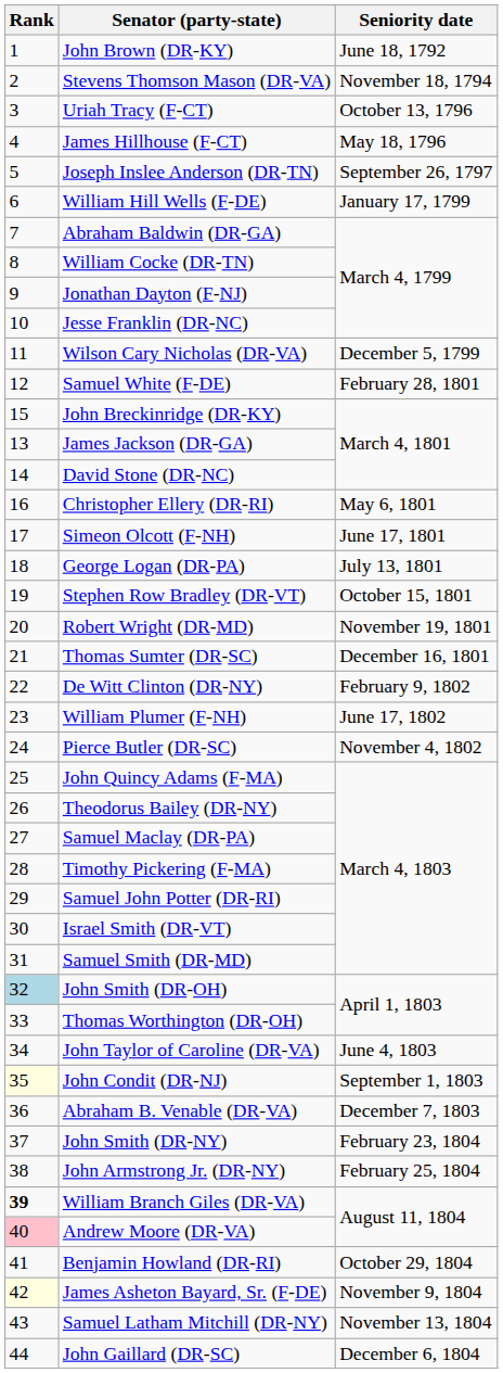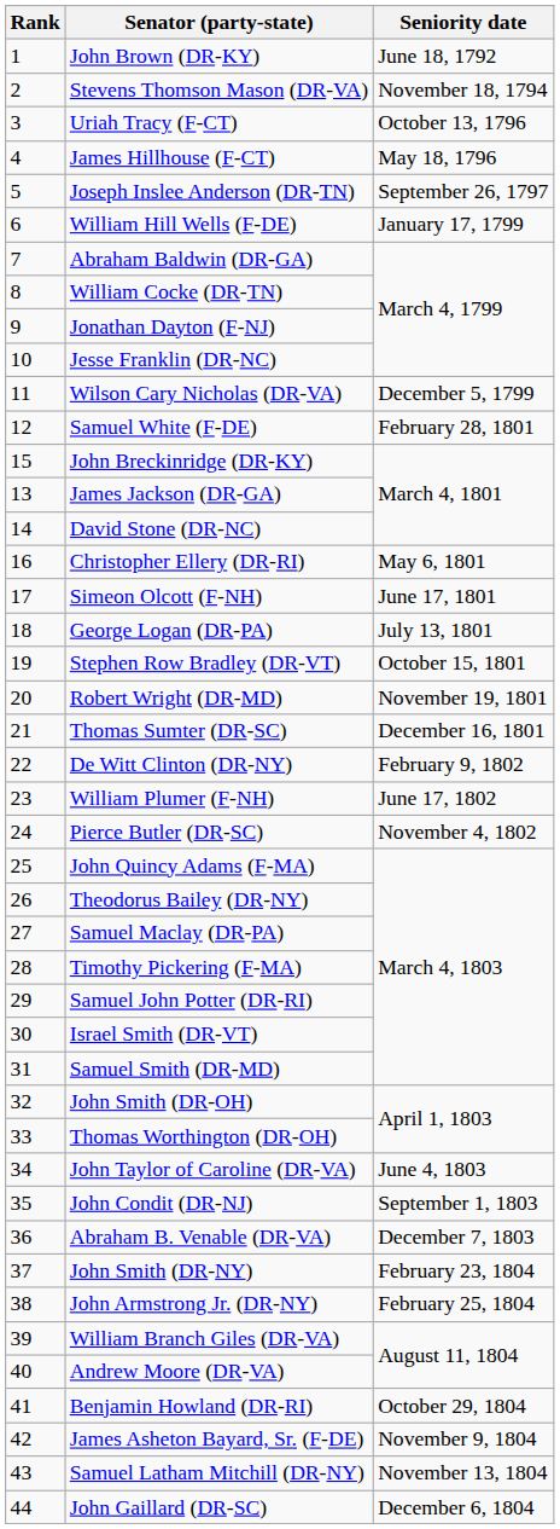 <table class=wikitable>
 <tr valign=bottom>
 <th>Rank</th>
 <th>Senator (party-state)</th>
 <th>Seniority date</th>
 </tr>
 <tr>
 <td>1</td>
 <td><a href='#'>John Brown</a> (<a href='#'>DR</a>-<a href='#'>KY</a>)</td>
 <td>June 18, 1792</td>
 </tr>
 <tr>
 <td>2</td>
 <td><a href='#'>Stevens Thomson Mason</a> (<a href='#'>DR</a>-<a href='#'>VA</a>)</td>
 <td>November 18, 1794</td>
 </tr>
 <tr>
 <td>3</td>
 <td><a href='#'>Uriah Tracy</a> (<a href='#'>F</a>-<a href='#'>CT</a>)</td>
 <td>October 13, 1796</td>
 </tr>
 <tr>
 <td>4</td>
 <td><a href='#'>James Hillhouse</a> (<a href='#'>F</a>-<a href='#'>CT</a>)</td>
 <td>May 18, 1796</td>
 </tr>
 <tr>
 <td>5</td>
 <td><a href='#'>Joseph Inslee Anderson</a> (<a href='#'>DR</a>-<a href='#'>TN</a>)</td>
 <td>September 26, 1797</td>
 </tr>
 <tr>
 <td>6</td>
 <td><a href='#'>William Hill Wells</a> (<a href='#'>F</a>-<a href='#'>DE</a>)</td>
 <td>January 17, 1799</td>
 </tr>
 <tr>
 <td>7</td>
 <td><a href='#'>Abraham Baldwin</a> (<a href='#'>DR</a>-<a href='#'>GA</a>)</td>
 <td rowspan=4>March 4, 1799</td>
 </tr>
 <tr>
 <td>8</td>
 <td><a href='#'>William Cocke</a> (<a href='#'>DR</a>-<a href='#'>TN</a>)</td>
 </tr>
 <tr>
 <td>9</td>
 <td><a href='#'>Jonathan Dayton</a> (<a href='#'>F</a>-<a href='#'>NJ</a>)</td>
 </tr>
 <tr>
 <td>10</td>
 <td><a href='#'>Jesse Franklin</a> (<a href='#'>DR</a>-<a href='#'>NC</a>)</td>
 </tr>
 <tr>
 <td>11</td>
 <td><a href='#'>Wilson Cary Nicholas</a> (<a href='#'>DR</a>-<a href='#'>VA</a>)</td>
 <td>December 5, 1799</td>
 </tr>
 <tr>
 <td>12</td>
 <td><a href='#'>Samuel White</a> (<a href='#'>F</a>-<a href='#'>DE</a>)</td>
 <td>February 28, 1801</td>
 </tr>
 <tr>
 <td>15</td>
 <td><a href='#'>John Breckinridge</a> (<a href='#'>DR</a>-<a href='#'>KY</a>)</td>
 <td rowspan=3>March 4, 1801</td>
 </tr>
 <tr>
 <td>13</td>
 <td><a href='#'>James Jackson</a> (<a href='#'>DR</a>-<a href='#'>GA</a>)</td>
 </tr>
 <tr>
 <td>14</td>
 <td><a href='#'>David Stone</a> (<a href='#'>DR</a>-<a href='#'>NC</a>)</td>
 </tr>
 <tr>
 <td>16</td>
 <td><a href='#'>Christopher Ellery</a> (<a href='#'>DR</a>-<a href='#'>RI</a>)</td>
 <td>May 6, 1801</td>
 </tr>
 <tr>
 <td>17</td>
 <td><a href='#'>Simeon Olcott</a> (<a href='#'>F</a>-<a href='#'>NH</a>)</td>
 <td>June 17, 1801</td>
 </tr>
 <tr>
 <td>18</td>
 <td><a href='#'>George Logan</a> (<a href='#'>DR</a>-<a href='#'>PA</a>)</td>
 <td>July 13, 1801</td>
 </tr>
 <tr>
 <td>19</td>
 <td><a href='#'>Stephen Row Bradley</a> (<a href='#'>DR</a>-<a href='#'>VT</a>)</td>
 <td>October 15, 1801</td>
 </tr>
 <tr>
 <td>20</td>
 <td><a href='#'>Robert Wright</a> (<a href='#'>DR</a>-<a href='#'>MD</a>)</td>
 <td>November 19, 1801</td>
 </tr>
 <tr>
 <td>21</td>
 <td><a href='#'>Thomas Sumter</a> (<a href='#'>DR</a>-<a href='#'>SC</a>)</td>
 <td>December 16, 1801</td>
 </tr>
 <tr>
 <td>22</td>
 <td><a href='#'>De Witt Clinton</a> (<a href='#'>DR</a>-<a href='#'>NY</a>)</td>
 <td>February 9, 1802</td>
 </tr>
 <tr>
 <td>23</td>
 <td><a href='#'>William Plumer</a> (<a href='#'>F</a>-<a href='#'>NH</a>)</td>
 <td>June 17, 1802</td>
 </tr>
 <tr>
 <td>24</td>
 <td><a href='#'>Pierce Butler</a> (<a href='#'>DR</a>-<a href='#'>SC</a>)</td>
 <td>November 4, 1802</td>
 </tr>
 <tr>
 <td>25</td>
 <td><a href='#'>John Quincy Adams</a> (<a href='#'>F</a>-<a href='#'>MA</a>)</td>
 <td rowspan=7>March 4, 1803</td>
 </tr>
 <tr>
 <td>26</td>
 <td><a href='#'>Theodorus Bailey</a> (<a href='#'>DR</a>-<a href='#'>NY</a>)</td>
 </tr>
 <tr>
 <td>27</td>
 <td><a href='#'>Samuel Maclay</a> (<a href='#'>DR</a>-<a href='#'>PA</a>)</td>
 </tr>
 <tr>
 <td>28</td>
 <td><a href='#'>Timothy Pickering</a> (<a href='#'>F</a>-<a href='#'>MA</a>)</td>
 </tr>
 <tr>
 <td>29</td>
 <td><a href='#'>Samuel John Potter</a> (<a href='#'>DR</a>-<a href='#'>RI</a>)</td>
 </tr>
 <tr>
 <td>30</td>
 <td><a href='#'>Israel Smith</a> (<a href='#'>DR</a>-<a href='#'>VT</a>)</td>
 </tr>
 <tr>
 <td>31</td>
 <td><a href='#'>Samuel Smith</a> (<a href='#'>DR</a>-<a href='#'>MD</a>)</td>
 </tr>
 <tr>
-<td style="background: lightblue;">32</td>
+<td>32</td>
 <td><a href='#'>John Smith</a> (<a href='#'>DR</a>-<a href='#'>OH</a>)</td>
 <td rowspan=2>April 1, 1803</td>
 </tr>
 <tr>
 <td>33</td>
 <td><a href='#'>Thomas Worthington</a> (<a href='#'>DR</a>-<a href='#'>OH</a>)</td>
 </tr>
 <tr>
 <td>34</td>
 <td><a href='#'>John Taylor of Caroline</a> (<a href='#'>DR</a>-<a href='#'>VA</a>)</td>
 <td>June 4, 1803</td>
 </tr>
 <tr>
-<td style="background: lightyellow;">35</td>
+<td>35</td>
 <td><a href='#'>John Condit</a> (<a href='#'>DR</a>-<a href='#'>NJ</a>)</td>
 <td>September 1, 1803</td>
 </tr>
 <tr>
 <td>36</td>
 <td><a href='#'>Abraham B. Venable</a> (<a href='#'>DR</a>-<a href='#'>VA</a>)</td>
 <td>December 7, 1803</td>
 </tr>
 <tr>
 <td>37</td>
 <td><a href='#'>John Smith</a> (<a href='#'>DR</a>-<a href='#'>NY</a>)</td>
 <td>February 23, 1804</td>
 </tr>
 <tr>
 <td>38</td>
 <td><a href='#'>John Armstrong Jr.</a> (<a href='#'>DR</a>-<a href='#'>NY</a>)</td>
 <td>February 25, 1804</td>
 </tr>
 <tr>
-<td><strong>39</strong></td>
+<td>39</td>
 <td><a href='#'>William Branch Giles</a> (<a href='#'>DR</a>-<a href='#'>VA</a>)</td>
 <td rowspan=2>August 11, 1804</td>
 </tr>
 <tr>
-<td style="background: pink;">40</td>
+<td>40</td>
 <td><a href='#'>Andrew Moore</a> (<a href='#'>DR</a>-<a href='#'>VA</a>)</td>
 </tr>
 <tr>
 <td>41</td>
 <td><a href='#'>Benjamin Howland</a> (<a href='#'>DR</a>-<a href='#'>RI</a>)</td>
 <td>October 29, 1804</td>
 </tr>
 <tr>
-<td style="background: lightyellow;">42</td>
+<td>42</td>
 <td><a href='#'>James Asheton Bayard, Sr.</a> (<a href='#'>F</a>-<a href='#'>DE</a>)</td>
 <td>November 9, 1804</td>
 </tr>
 <tr>
 <td>43</td>
 <td><a href='#'>Samuel Latham Mitchill</a> (<a href='#'>DR</a>-<a href='#'>NY</a>)</td>
 <td>November 13, 1804</td>
 </tr>
 <tr>
 <td>44</td>
 <td><a href='#'>John Gaillard</a> (<a href='#'>DR</a>-<a href='#'>SC</a>)</td>
 <td>December 6, 1804</td>
 </tr>
 <tr>
 </tr>
 </table>
